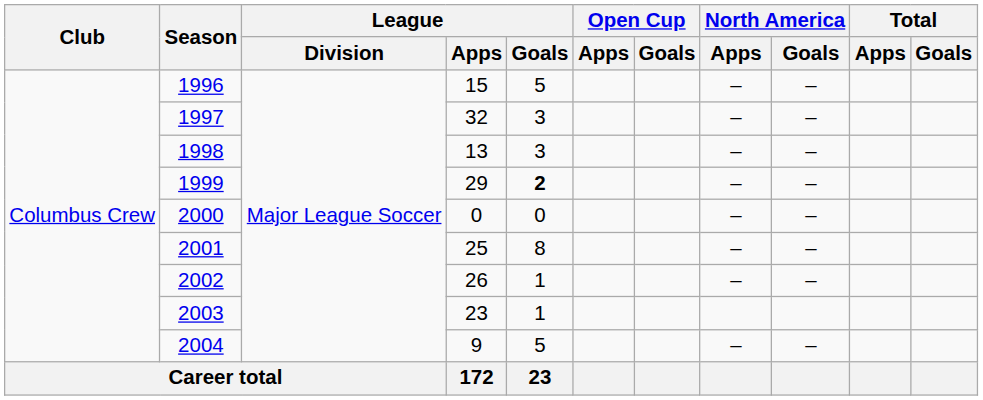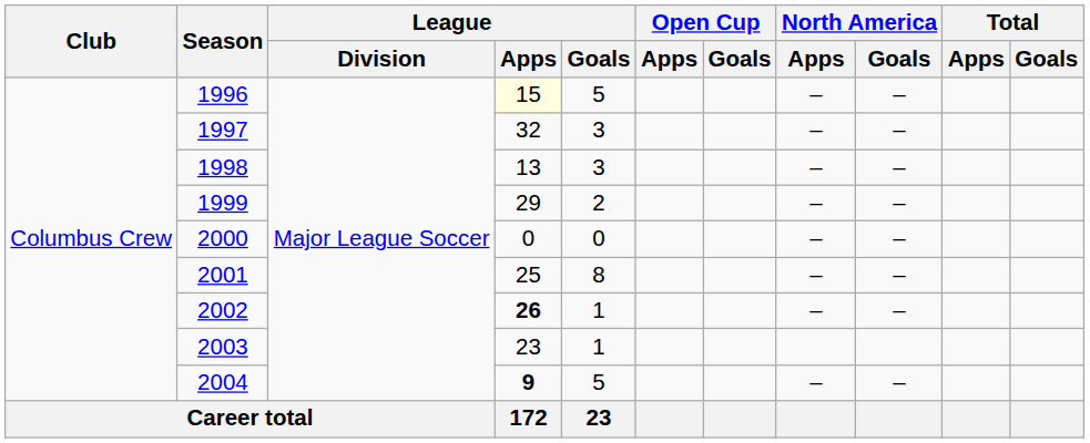 <table class="wikitable" style="text-align:center">
 <tr>
 <th rowspan="2">Club</th>
 <th rowspan="2">Season</th>
 <th colspan="3">League</th>
 <th colspan="2"><a href='#'>Open Cup</a></th>
 <th colspan="2"><a href='#'>North America</a></th>
 <th colspan="2">Total</th>
 </tr>
 <tr>
 <th>Division</th>
 <th>Apps</th>
 <th>Goals</th>
 <th>Apps</th>
 <th>Goals</th>
 <th>Apps</th>
 <th>Goals</th>
 <th>Apps</th>
 <th>Goals</th>
 </tr>
 <tr>
 <td rowspan="9"><a href='#'>Columbus Crew</a></td>
 <td><a href='#'>1996</a></td>
 <td rowspan="9"><a href='#'>Major League Soccer</a></td>
-<td>15</td>
+<td style="background: lightyellow;">15</td>
 <td>5</td>
 <td></td>
 <td></td>
 <td>–</td>
 <td>–</td>
 <td></td>
 <td></td>
 </tr>
 <tr>
 <td><a href='#'>1997</a></td>
 <td>32</td>
 <td>3</td>
 <td></td>
 <td></td>
 <td>–</td>
 <td>–</td>
 <td></td>
 <td></td>
 </tr>
 <tr>
 <td><a href='#'>1998</a></td>
 <td>13</td>
 <td>3</td>
 <td></td>
 <td></td>
 <td>–</td>
 <td>–</td>
 <td></td>
 <td></td>
 </tr>
 <tr>
 <td><a href='#'>1999</a></td>
 <td>29</td>
-<td><strong>2</strong></td>
+<td>2</td>
 <td></td>
 <td></td>
 <td>–</td>
 <td>–</td>
 <td></td>
 <td></td>
 </tr>
 <tr>
 <td><a href='#'>2000</a></td>
 <td>0</td>
 <td>0</td>
 <td></td>
 <td></td>
 <td>–</td>
 <td>–</td>
 <td></td>
 <td></td>
 </tr>
 <tr>
 <td><a href='#'>2001</a></td>
 <td>25</td>
 <td>8</td>
 <td></td>
 <td></td>
 <td>–</td>
 <td>–</td>
 <td></td>
 <td></td>
 </tr>
 <tr>
 <td><a href='#'>2002</a></td>
-<td>26</td>
+<td><strong>26</strong></td>
 <td>1</td>
 <td></td>
 <td></td>
 <td>–</td>
 <td>–</td>
 <td></td>
 <td></td>
 </tr>
 <tr>
 <td><a href='#'>2003</a></td>
 <td>23</td>
 <td>1</td>
 <td></td>
 <td></td>
 <td></td>
 <td></td>
 <td></td>
 <td></td>
 </tr>
 <tr>
 <td><a href='#'>2004</a></td>
-<td>9</td>
+<td><strong>9</strong></td>
 <td>5</td>
 <td></td>
 <td></td>
 <td>–</td>
 <td>–</td>
 <td></td>
 <td></td>
 </tr>
 <tr>
 <th colspan=3>Career total</th>
 <th>172</th>
 <th>23</th>
 <th></th>
 <th></th>
 <th></th>
 <th></th>
 <th></th>
 <th></th>
 </tr>
 </table>
